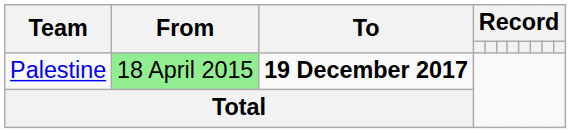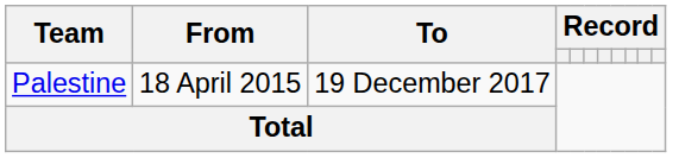 <table class="wikitable" style="text-align: center">
 <tr>
 <th rowspan="2">Team</th>
 <th rowspan="2">From</th>
 <th rowspan="2">To</th>
 <th colspan="8">Record</th>
 </tr>
 <tr>
 <th></th>
 <th></th>
 <th></th>
 <th></th>
 <th></th>
 <th></th>
 <th></th>
 <th></th>
 </tr>
 <tr>
 <td align=left><a href='#'>Palestine</a></td>
-<td align=left style="background: lightgreen;">18 April 2015</td>
-<td align=left><strong>19 December 2017<br></strong></td>
+<td align=left>18 April 2015</td>
+<td align=left>19 December 2017<br></td>
 </tr>
 <tr>
 <th colspan="3">Total<br></th>
 </tr>
 </table>
